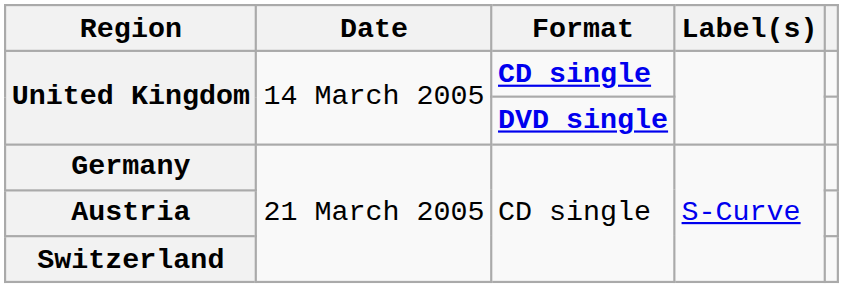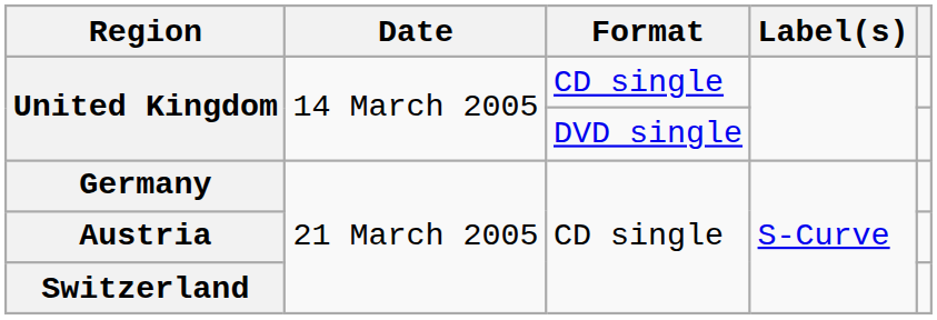 <table class="wikitable plainrowheaders">
 <tr>
 <th scope="col">Region</th>
 <th scope="col">Date</th>
 <th scope="col">Format</th>
 <th scope="col">Label(s)</th>
 <th scope="col"></th>
 </tr>
 <tr>
 <th scope="row" rowspan="2">United Kingdom</th>
 <td rowspan="2">14 March 2005</td>
-<td><strong><a href='#'>CD single</a></strong></td>
+<td><a href='#'>CD single</a></td>
 <td rowspan="2"></td>
 <td align="center"></td>
 </tr>
 <tr>
-<td><strong><a href='#'>DVD single</a></strong></td>
+<td><a href='#'>DVD single</a></td>
 <td align="center"></td>
 </tr>
 <tr>
 <th scope="row">Germany</th>
 <td rowspan="3">21 March 2005</td>
 <td rowspan="3">CD single</td>
 <td rowspan="3"><a href='#'>S-Curve</a></td>
 <td align="center"></td>
 </tr>
 <tr>
 <th scope="row">Austria</th>
 <td align="center"></td>
 </tr>
 <tr>
 <th scope="row">Switzerland</th>
 <td align="center"></td>
 </tr>
 </table>
